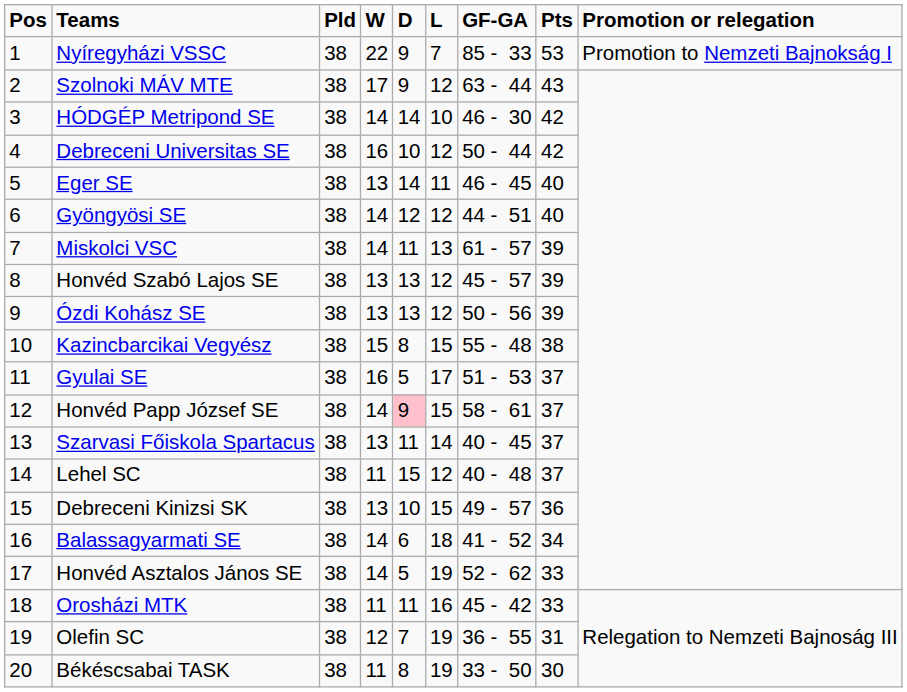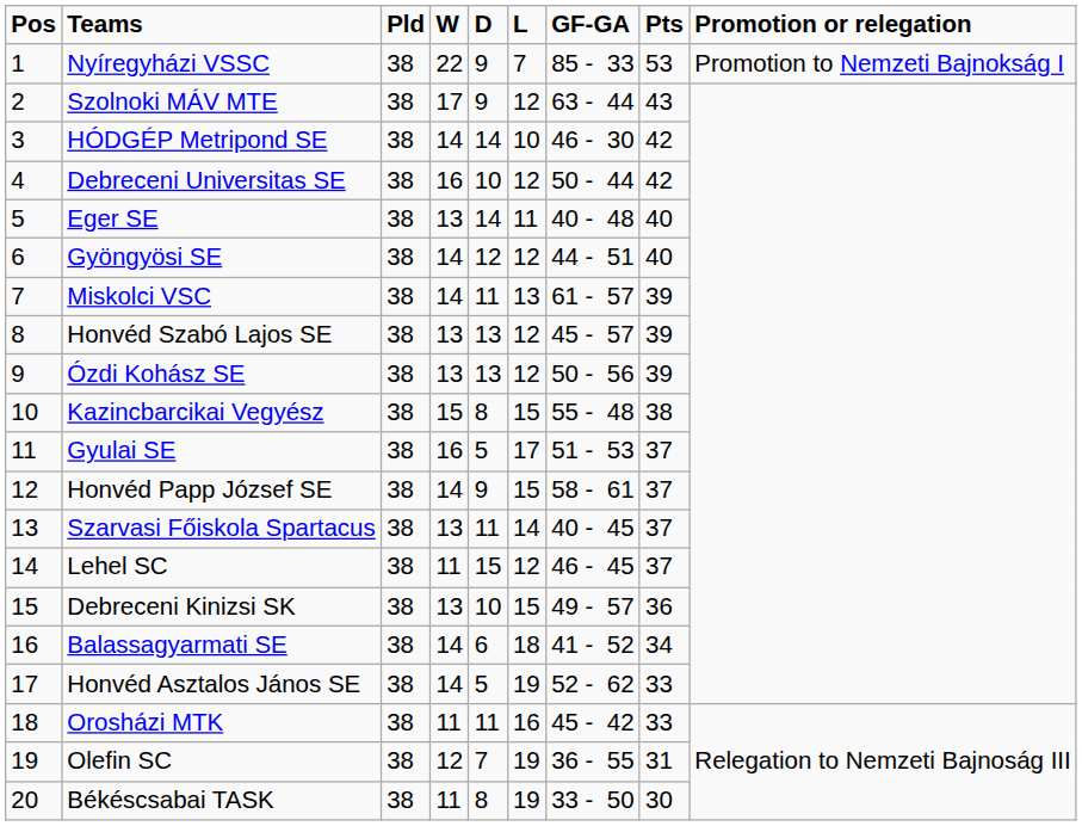 <table class="wikitable">
 <tr>
 <td><strong>Pos</strong></td>
 <td><strong>Teams</strong></td>
 <td><strong>Pld</strong></td>
 <td><strong>W</strong></td>
 <td><strong>D</strong></td>
 <td><strong>L</strong></td>
 <td><strong>GF-GA</strong></td>
 <td><strong>Pts</strong></td>
 <td><strong>Promotion or relegation</strong></td>
 </tr>
 <tr>
 <td>1</td>
 <td><a href='#'>Nyíregyházi VSSC</a></td>
 <td>38</td>
 <td>22</td>
 <td>9</td>
 <td>7</td>
 <td>85 -  33</td>
 <td>53</td>
 <td>Promotion to <a href='#'>Nemzeti Bajnokság I</a></td>
 </tr>
 <tr>
 <td>2</td>
 <td><a href='#'>Szolnoki MÁV MTE</a></td>
 <td>38</td>
 <td>17</td>
 <td>9</td>
 <td>12</td>
 <td>63 -  44</td>
 <td>43</td>
 <td rowspan="16"></td>
 </tr>
 <tr>
 <td>3</td>
 <td><a href='#'>HÓDGÉP Metripond SE</a></td>
 <td>38</td>
 <td>14</td>
 <td>14</td>
 <td>10</td>
 <td>46 -  30</td>
 <td>42</td>
 </tr>
 <tr>
 <td>4</td>
 <td><a href='#'>Debreceni Universitas SE</a></td>
 <td>38</td>
 <td>16</td>
 <td>10</td>
 <td>12</td>
 <td>50 -  44</td>
 <td>42</td>
 </tr>
 <tr>
 <td>5</td>
 <td><a href='#'>Eger SE</a></td>
 <td>38</td>
 <td>13</td>
 <td>14</td>
 <td>11</td>
-<td>46 -  45</td>
+<td>40 -  48</td>
 <td>40</td>
 </tr>
 <tr>
 <td>6</td>
 <td><a href='#'>Gyöngyösi SE</a></td>
 <td>38</td>
 <td>14</td>
 <td>12</td>
 <td>12</td>
 <td>44 -  51</td>
 <td>40</td>
 </tr>
 <tr>
 <td>7</td>
 <td><a href='#'>Miskolci VSC</a></td>
 <td>38</td>
 <td>14</td>
 <td>11</td>
 <td>13</td>
 <td>61 -  57</td>
 <td>39</td>
 </tr>
 <tr>
 <td>8</td>
 <td>Honvéd Szabó Lajos SE</td>
 <td>38</td>
 <td>13</td>
 <td>13</td>
 <td>12</td>
 <td>45 -  57</td>
 <td>39</td>
 </tr>
 <tr>
 <td>9</td>
 <td><a href='#'>Ózdi Kohász SE</a></td>
 <td>38</td>
 <td>13</td>
 <td>13</td>
 <td>12</td>
 <td>50 -  56</td>
 <td>39</td>
 </tr>
 <tr>
 <td>10</td>
 <td><a href='#'>Kazincbarcikai Vegyész</a></td>
 <td>38</td>
 <td>15</td>
 <td>8</td>
 <td>15</td>
 <td>55 -  48</td>
 <td>38</td>
 </tr>
 <tr>
 <td>11</td>
 <td><a href='#'>Gyulai SE</a></td>
 <td>38</td>
 <td>16</td>
 <td>5</td>
 <td>17</td>
 <td>51 -  53</td>
 <td>37</td>
 </tr>
 <tr>
 <td>12</td>
 <td>Honvéd Papp József SE</td>
 <td>38</td>
 <td>14</td>
-<td style="background: pink;">9</td>
+<td>9</td>
 <td>15</td>
 <td>58 -  61</td>
 <td>37</td>
 </tr>
 <tr>
 <td>13</td>
 <td><a href='#'>Szarvasi Főiskola Spartacus</a></td>
 <td>38</td>
 <td>13</td>
 <td>11</td>
 <td>14</td>
 <td>40 -  45</td>
 <td>37</td>
 </tr>
 <tr>
 <td>14</td>
 <td>Lehel SC</td>
 <td>38</td>
 <td>11</td>
 <td>15</td>
 <td>12</td>
-<td>40 -  48</td>
+<td>46 -  45</td>
 <td>37</td>
 </tr>
 <tr>
 <td>15</td>
 <td>Debreceni Kinizsi SK</td>
 <td>38</td>
 <td>13</td>
 <td>10</td>
 <td>15</td>
 <td>49 -  57</td>
 <td>36</td>
 </tr>
 <tr>
 <td>16</td>
 <td><a href='#'>Balassagyarmati SE</a></td>
 <td>38</td>
 <td>14</td>
 <td>6</td>
 <td>18</td>
 <td>41 -  52</td>
 <td>34</td>
 </tr>
 <tr>
 <td>17</td>
 <td>Honvéd Asztalos János SE</td>
 <td>38</td>
 <td>14</td>
 <td>5</td>
 <td>19</td>
 <td>52 -  62</td>
 <td>33</td>
 </tr>
 <tr>
 <td>18</td>
 <td><a href='#'>Orosházi MTK</a></td>
 <td>38</td>
 <td>11</td>
 <td>11</td>
 <td>16</td>
 <td>45 -  42</td>
 <td>33</td>
 <td rowspan="3">Relegation to Nemzeti Bajnoság III</td>
 </tr>
 <tr>
 <td>19</td>
 <td>Olefin SC</td>
 <td>38</td>
 <td>12</td>
 <td>7</td>
 <td>19</td>
 <td>36 -  55</td>
 <td>31</td>
 </tr>
 <tr>
 <td>20</td>
 <td>Békéscsabai TASK</td>
 <td>38</td>
 <td>11</td>
 <td>8</td>
 <td>19</td>
 <td>33 -  50</td>
 <td>30</td>
 </tr>
 </table>
